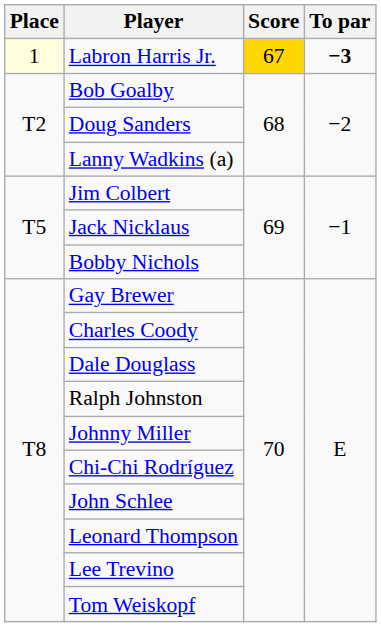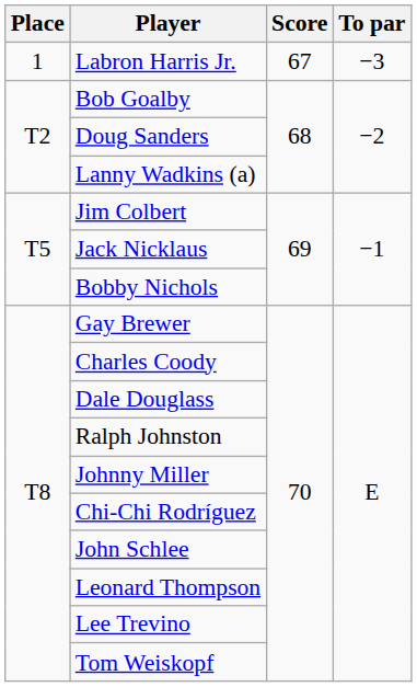 <table class=wikitable>
 <tr>
 <th>Place</th>
 <th>Player</th>
 <th>Score</th>
 <th>To par</th>
 </tr>
 <tr>
-<td align=center style="background: lightyellow;">1</td>
+<td align=center>1</td>
 <td> <a href='#'>Labron Harris Jr.</a></td>
-<td align=center style="background: gold;">67</td>
-<td align=center><strong>−3</strong></td>
+<td align=center>67</td>
+<td align=center>−3</td>
 </tr>
 <tr>
 <td rowspan=3 align=center>T2</td>
 <td> <a href='#'>Bob Goalby</a></td>
 <td rowspan=3 align=center>68</td>
 <td rowspan=3 align=center>−2</td>
 </tr>
 <tr>
 <td> <a href='#'>Doug Sanders</a></td>
 </tr>
 <tr>
 <td> <a href='#'>Lanny Wadkins</a> (a)</td>
 </tr>
 <tr>
 <td rowspan=3 align=center>T5</td>
 <td> <a href='#'>Jim Colbert</a></td>
 <td rowspan=3 align=center>69</td>
 <td rowspan=3 align=center>−1</td>
 </tr>
 <tr>
 <td> <a href='#'>Jack Nicklaus</a></td>
 </tr>
 <tr>
 <td> <a href='#'>Bobby Nichols</a></td>
 </tr>
 <tr>
 <td rowspan=10 align=center>T8</td>
 <td> <a href='#'>Gay Brewer</a></td>
 <td rowspan=10 align=center>70</td>
 <td rowspan=10 align=center>E</td>
 </tr>
 <tr>
 <td> <a href='#'>Charles Coody</a></td>
 </tr>
 <tr>
 <td> <a href='#'>Dale Douglass</a></td>
 </tr>
 <tr>
 <td> Ralph Johnston</td>
 </tr>
 <tr>
 <td> <a href='#'>Johnny Miller</a></td>
 </tr>
 <tr>
 <td> <a href='#'>Chi-Chi Rodríguez</a></td>
 </tr>
 <tr>
 <td> <a href='#'>John Schlee</a></td>
 </tr>
 <tr>
 <td> <a href='#'>Leonard Thompson</a></td>
 </tr>
 <tr>
 <td> <a href='#'>Lee Trevino</a></td>
 </tr>
 <tr>
 <td> <a href='#'>Tom Weiskopf</a></td>
 </tr>
 </table>
